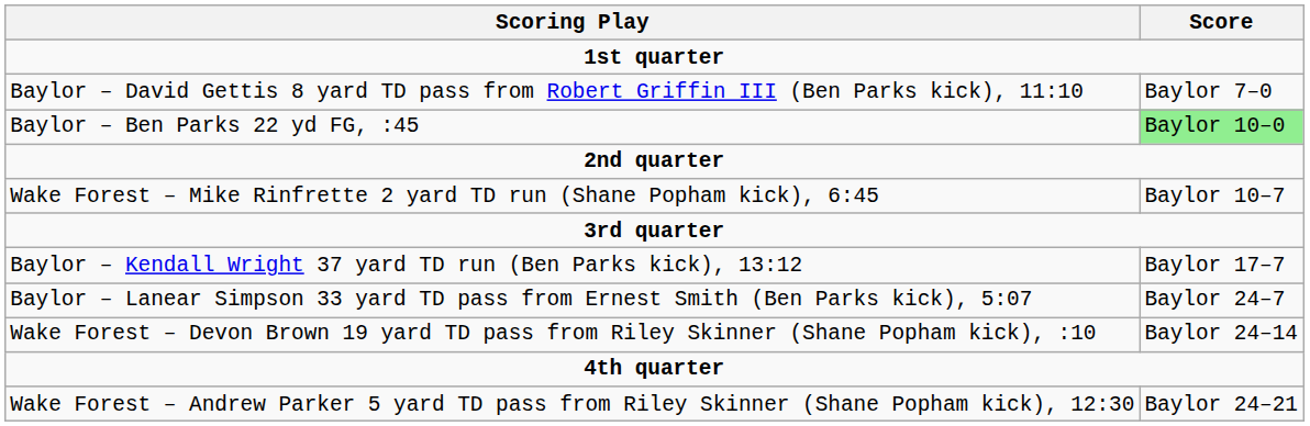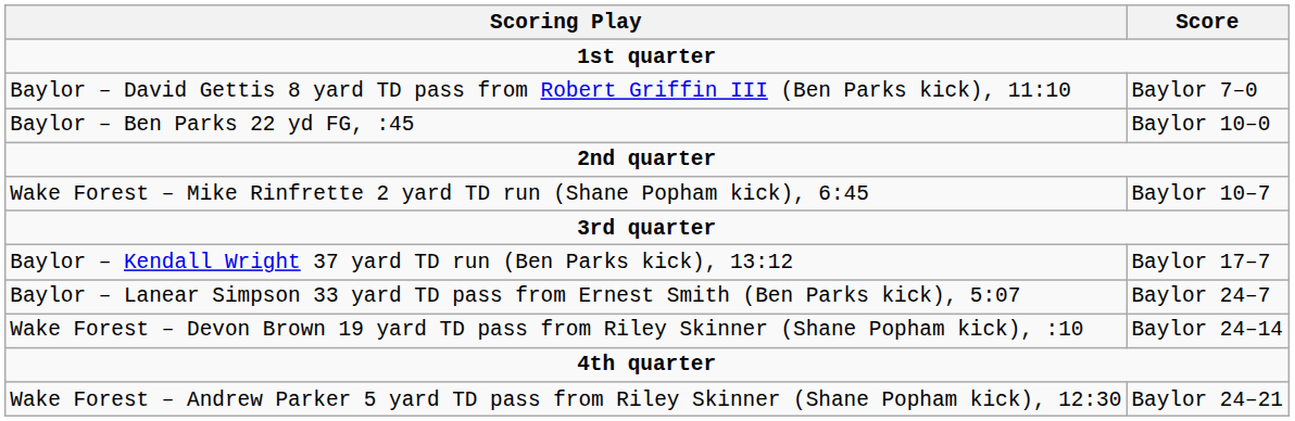 <table class="wikitable">
 <tr>
 <th>Scoring Play</th>
 <th>Score</th>
 </tr>
 <tr>
 <td colspan="4" align="center"><strong>1st quarter</strong></td>
 </tr>
 <tr>
 <td>Baylor – David Gettis 8 yard TD pass from <a href='#'>Robert Griffin III</a> (Ben Parks kick), 11:10</td>
 <td>Baylor 7–0</td>
 </tr>
 <tr>
 <td>Baylor – Ben Parks 22 yd FG, :45</td>
-<td style="background: lightgreen;">Baylor 10–0</td>
+<td>Baylor 10–0</td>
 </tr>
 <tr>
 <td colspan="4" align="center"><strong>2nd quarter</strong></td>
 </tr>
 <tr>
 <td>Wake Forest – Mike Rinfrette 2 yard TD run (Shane Popham kick), 6:45</td>
 <td>Baylor 10–7</td>
 </tr>
 <tr>
 <td colspan="6" align="center"><strong>3rd quarter</strong></td>
 </tr>
 <tr>
 <td>Baylor – <a href='#'>Kendall Wright</a> 37 yard TD run (Ben Parks kick), 13:12</td>
 <td>Baylor 17–7</td>
 </tr>
 <tr>
 <td>Baylor – Lanear Simpson 33 yard TD pass from Ernest Smith (Ben Parks kick), 5:07</td>
 <td>Baylor 24–7</td>
 </tr>
 <tr>
 <td>Wake Forest – Devon Brown 19 yard TD pass from Riley Skinner (Shane Popham kick), :10</td>
 <td>Baylor 24–14</td>
 </tr>
 <tr>
 <td colspan="6" align="center"><strong>4th quarter</strong></td>
 </tr>
 <tr>
 <td>Wake Forest – Andrew Parker 5 yard TD pass from Riley Skinner (Shane Popham kick), 12:30</td>
 <td>Baylor 24–21</td>
 </tr>
 </table>
